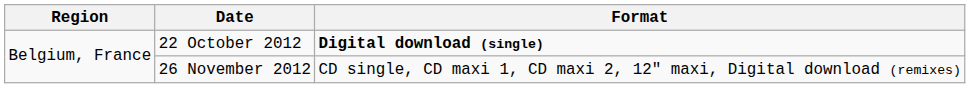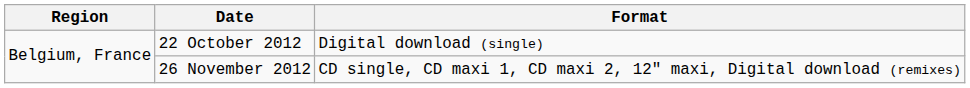 <table class="wikitable">
 <tr>
 <th>Region</th>
 <th>Date</th>
 <th>Format</th>
 </tr>
 <tr>
 <td rowspan="2">Belgium, France</td>
 <td>22 October 2012</td>
-<td><strong>Digital download <small>(single)</small></strong></td>
+<td>Digital download <small>(single)</small></td>
 </tr>
 <tr>
 <td>26 November 2012</td>
 <td>CD single, CD maxi 1, CD maxi 2, 12" maxi, Digital download <small>(remixes)</small></td>
 </tr>
 </table>
